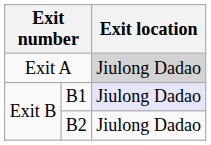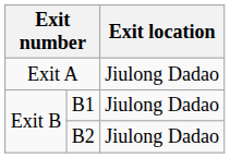 <table class="wikitable">
 <tr>
 <th style="width:70px" colspan="2">Exit number</th>
 <th>Exit location</th>
 </tr>
 <tr>
 <td align="center" colspan="2">Exit A</td>
-<td style="background: lightgrey;">Jiulong Dadao</td>
+<td>Jiulong Dadao</td>
 </tr>
 <tr>
 <td align="center" rowspan="2">Exit B</td>
 <td>B1</td>
-<td style="background: lavender;">Jiulong Dadao</td>
+<td>Jiulong Dadao</td>
 </tr>
 <tr>
 <td>B2</td>
 <td>Jiulong Dadao</td>
 </tr>
 </table>
